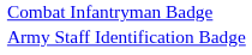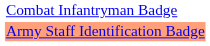 <table>
 <tr>
 <td> <a href='#'>Combat Infantryman Badge</a></td>
 </tr>
 <tr>
-<td><a href='#'>Army Staff Identification Badge</a></td>
+<td style="background: lightsalmon;"><a href='#'>Army Staff Identification Badge</a></td>
 </tr>
 </table>
